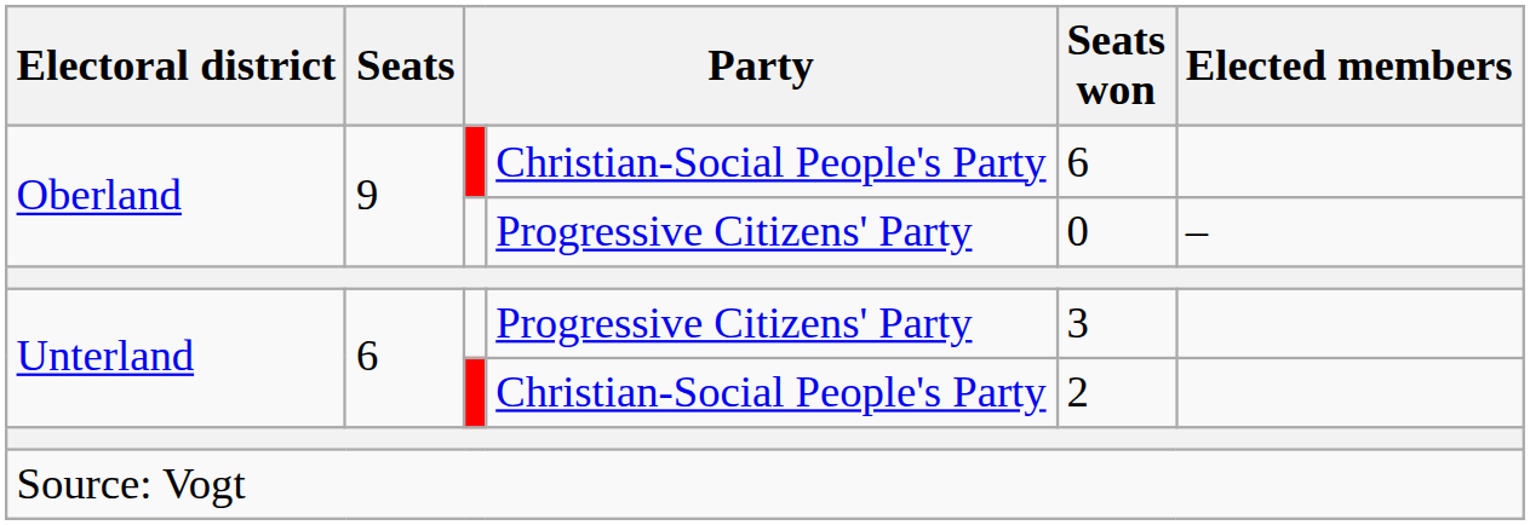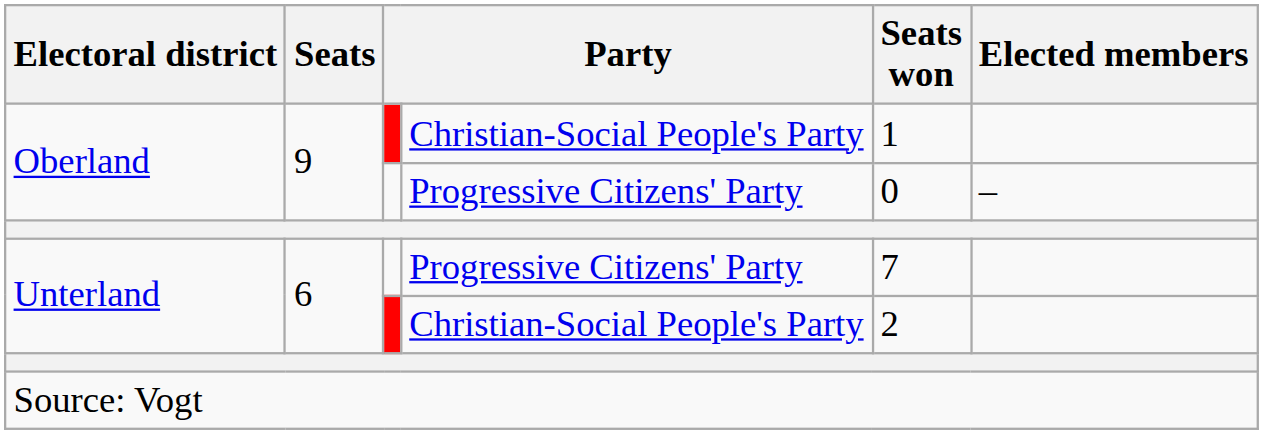 <table class="wikitable">
 <tr>
 <th>Electoral district</th>
 <th>Seats</th>
 <th colspan="2">Party</th>
 <th>Seats<br>won</th>
 <th>Elected members</th>
 </tr>
 <tr>
 <td rowspan="2"><a href='#'>Oberland</a></td>
 <td rowspan="2">9</td>
 <td style="color:inherit;background:#FF0000"></td>
 <td><a href='#'>Christian-Social People's Party</a></td>
-<td>6</td>
+<td>1</td>
 <td></td>
 </tr>
 <tr>
 <td></td>
 <td><a href='#'>Progressive Citizens' Party</a></td>
 <td>0</td>
 <td>–</td>
 </tr>
 <tr>
 <th colspan="6"></th>
 </tr>
 <tr>
 <td rowspan="2"><a href='#'>Unterland</a></td>
 <td rowspan="2">6</td>
 <td></td>
 <td><a href='#'>Progressive Citizens' Party</a></td>
-<td>3</td>
+<td>7</td>
 <td></td>
 </tr>
 <tr>
 <td style="color:inherit;background:#FF0000"></td>
 <td><a href='#'>Christian-Social People's Party</a></td>
 <td>2</td>
 <td></td>
 </tr>
 <tr>
 <th colspan="6"></th>
 </tr>
 <tr>
 <td colspan="6">Source: Vogt</td>
 </tr>
 </table>
